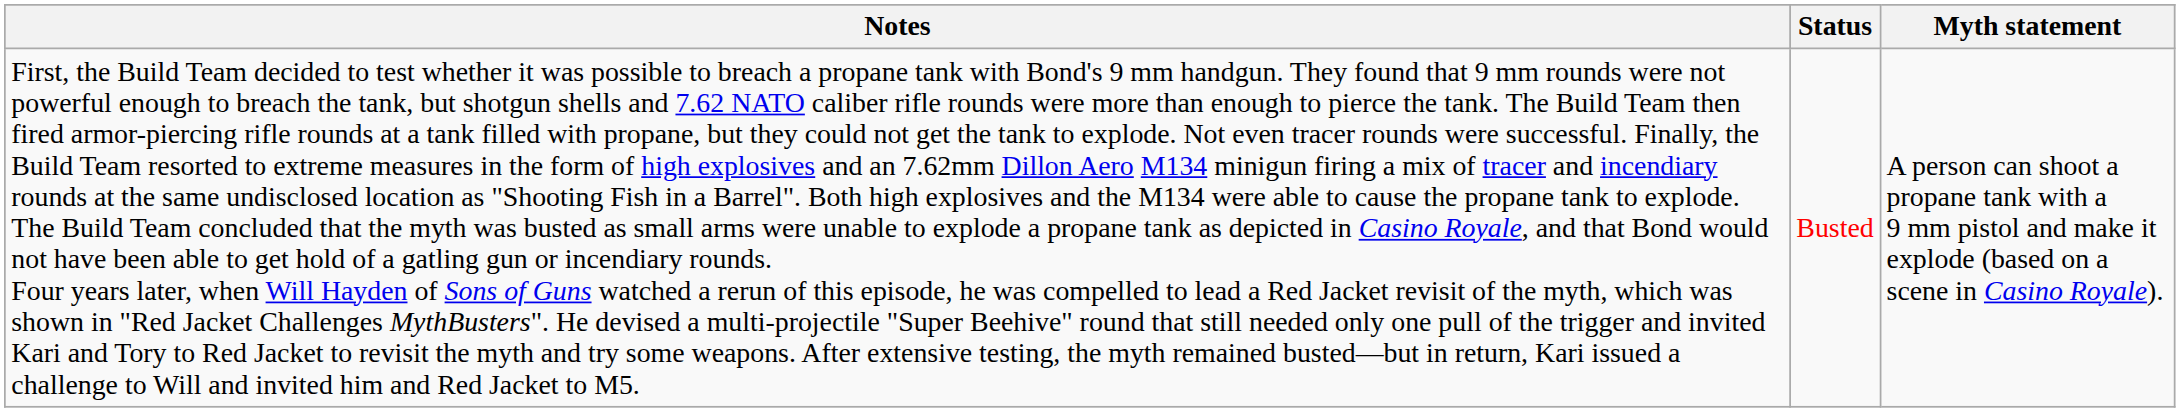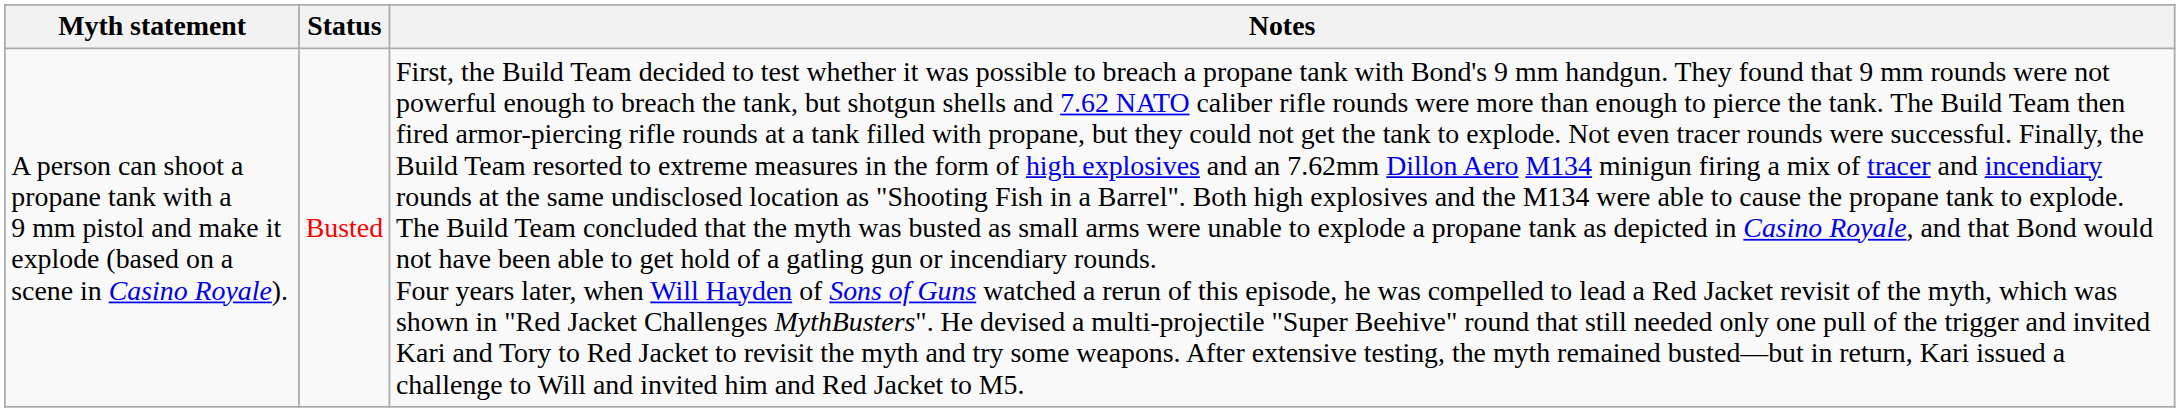 <table class="wikitable plainrowheaders">
 <tr>
+<th>Myth statement</th>
+<th>Status</th>
 <th>Notes</th>
-<th>Status</th>
-<th>Myth statement</th>
 </tr>
 <tr>
+<td>A person can shoot a propane tank with a 9 mm pistol and make it explode (based on a scene in <em><a href='#'>Casino Royale</a></em>).</td>
+<td style="color:red">Busted</td>
 <td>First, the Build Team decided to test whether it was possible to breach a propane tank with Bond's 9 mm handgun. They found that 9 mm rounds were not powerful enough to breach the tank, but shotgun shells and <a href='#'>7.62 NATO</a> caliber rifle rounds were more than enough to pierce the tank. The Build Team then fired armor-piercing rifle rounds at a tank filled with propane, but they could not get the tank to explode. Not even tracer rounds were successful. Finally, the Build Team resorted to extreme measures in the form of <a href='#'>high explosives</a> and an 7.62mm <a href='#'>Dillon Aero</a> <a href='#'>M134</a> minigun firing a mix of <a href='#'>tracer</a> and <a href='#'>incendiary</a> rounds at the same undisclosed location as "Shooting Fish in a Barrel".  Both high explosives and the M134 were able to cause the propane tank to explode. The Build Team concluded that the myth was busted as small arms were unable to explode a propane tank as depicted in <em><a href='#'>Casino Royale</a></em>, and that Bond would not have been able to get hold of a gatling gun or incendiary rounds.<br>Four years later, when <a href='#'>Will Hayden</a> of <em><a href='#'>Sons of Guns</a></em> watched a rerun of this episode, he was compelled to lead a Red Jacket revisit of the myth, which was shown in "Red Jacket Challenges <em>MythBusters</em>". He devised a multi-projectile "Super Beehive" round that still needed only one pull of the trigger and invited Kari and Tory to Red Jacket to revisit the myth and try some weapons. After extensive testing, the myth remained busted—but in return, Kari issued a challenge to Will and invited him and Red Jacket to M5.</td>
-<td style="color:red">Busted</td>
-<td>A person can shoot a propane tank with a 9 mm pistol and make it explode (based on a scene in <em><a href='#'>Casino Royale</a></em>).</td>
 </tr>
 </table>
